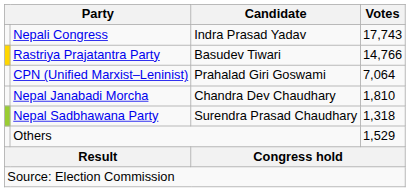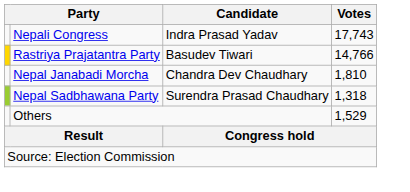 <table class="wikitable">
 <tr>
 <th colspan="2">Party</th>
 <th>Candidate</th>
 <th>Votes</th>
 </tr>
 <tr>
 <td style="background-color:"></td>
 <td><a href='#'>Nepali Congress</a></td>
 <td>Indra Prasad Yadav</td>
 <td>17,743</td>
 </tr>
 <tr>
 <td style="background-color:gold"></td>
 <td><a href='#'>Rastriya Prajatantra Party</a></td>
 <td>Basudev Tiwari</td>
 <td>14,766</td>
-</tr>
-<tr>
-<td style="background-color:"></td>
-<td><a href='#'>CPN (Unified Marxist–Leninist)</a></td>
-<td>Prahalad Giri Goswami</td>
-<td>7,064</td>
 </tr>
 <tr>
 <td></td>
 <td><a href='#'>Nepal Janabadi Morcha</a></td>
 <td>Chandra Dev Chaudhary</td>
 <td>1,810</td>
 </tr>
 <tr>
 <td style="background-color:yellowgreen"></td>
 <td><a href='#'>Nepal Sadbhawana Party</a></td>
 <td>Surendra Prasad Chaudhary</td>
 <td>1,318</td>
 </tr>
 <tr>
 <td></td>
 <td colspan="2">Others</td>
 <td>1,529</td>
 </tr>
 <tr>
 <th colspan="2">Result</th>
 <th colspan="2">Congress hold</th>
 </tr>
 <tr>
 <td colspan="4">Source: Election Commission</td>
 </tr>
 </table>
